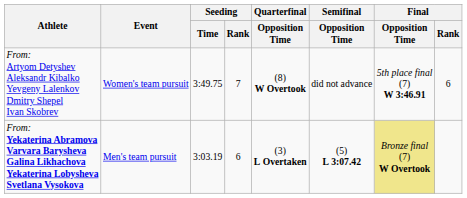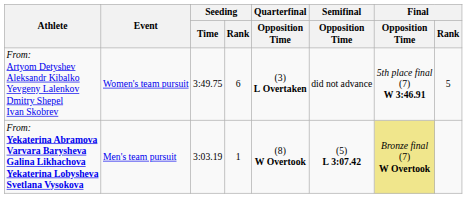 <table class="wikitable" style="font-size:90%">
 <tr>
 <th rowspan="2">Athlete</th>
 <th rowspan="2">Event</th>
 <th colspan="2">Seeding</th>
 <th>Quarterfinal</th>
 <th>Semifinal</th>
 <th colspan="2">Final</th>
 </tr>
 <tr>
 <th>Time</th>
 <th>Rank</th>
 <th>Opposition <br>Time</th>
 <th>Opposition <br>Time</th>
 <th>Opposition <br>Time</th>
 <th>Rank</th>
 </tr>
 <tr>
 <td><em>From:</em> <br><a href='#'>Artyom Detyshev</a><br><a href='#'>Aleksandr Kibalko</a><br><a href='#'>Yevgeny Lalenkov</a><br><a href='#'>Dmitry Shepel</a><br><a href='#'>Ivan Skobrev</a></td>
 <td><a href='#'>Women's team pursuit</a></td>
 <td align="center">3:49.75</td>
-<td align="center">7</td>
-<td align="center"> (8)<br><strong>W</strong> <strong>Overtook</strong></td>
+<td align="center">6</td>
+<td align="center"> (3)<br><strong>L</strong> <strong>Overtaken</strong></td>
 <td align="center">did not advance</td>
 <td align="center"><em>5th place final</em> <br> (7)<br><strong>W</strong> <strong>3:46.91</strong></td>
-<td align="center">6</td>
+<td align="center">5</td>
 </tr>
 <tr>
 <td><em>From:</em> <br><strong><a href='#'>Yekaterina Abramova</a><br><a href='#'>Varvara Barysheva</a><br><a href='#'>Galina Likhachova</a><br><a href='#'>Yekaterina Lobysheva</a><br><a href='#'>Svetlana Vysokova</a></strong></td>
 <td><a href='#'>Men's team pursuit</a></td>
 <td align="center">3:03.19</td>
-<td align="center">6</td>
-<td align="center"> (3)<br><strong>L</strong> <strong>Overtaken</strong></td>
+<td align="center">1</td>
+<td align="center"> (8)<br><strong>W</strong> <strong>Overtook</strong></td>
 <td align="center"> (5)<br><strong>L</strong> <strong>3:07.42</strong></td>
 <td align="center" style="background: khaki;"><em>Bronze final</em> <br> (7)<br><strong>W</strong> <strong>Overtook</strong></td>
 <td align="center"></td>
 </tr>
 </table>
